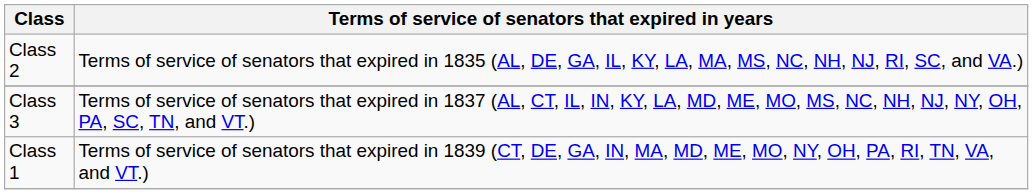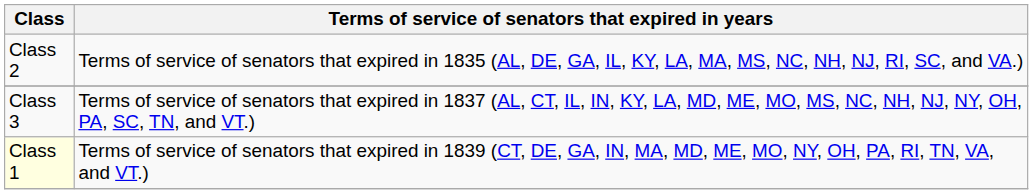 <table class="wikitable sortable">
 <tr valign=bottom>
 <th>Class</th>
 <th>Terms of service of senators that expired in years</th>
 </tr>
 <tr>
 <td>Class 2</td>
 <td>Terms of service of senators that expired in 1835 (<a href='#'>AL</a>, <a href='#'>DE</a>, <a href='#'>GA</a>, <a href='#'>IL</a>, <a href='#'>KY</a>, <a href='#'>LA</a>, <a href='#'>MA</a>, <a href='#'>MS</a>, <a href='#'>NC</a>, <a href='#'>NH</a>, <a href='#'>NJ</a>, <a href='#'>RI</a>, <a href='#'>SC</a>, and <a href='#'>VA</a>.)</td>
 </tr>
 <tr>
 </tr>
 <tr>
 <td>Class 3</td>
 <td>Terms of service of senators that expired in 1837 (<a href='#'>AL</a>, <a href='#'>CT</a>, <a href='#'>IL</a>, <a href='#'>IN</a>, <a href='#'>KY</a>, <a href='#'>LA</a>, <a href='#'>MD</a>, <a href='#'>ME</a>, <a href='#'>MO</a>, <a href='#'>MS</a>, <a href='#'>NC</a>, <a href='#'>NH</a>, <a href='#'>NJ</a>, <a href='#'>NY</a>, <a href='#'>OH</a>, <a href='#'>PA</a>, <a href='#'>SC</a>, <a href='#'>TN</a>, and <a href='#'>VT</a>.)</td>
 </tr>
 <tr>
-<td>Class 1</td>
+<td style="background: lightyellow;">Class 1</td>
 <td>Terms of service of senators that expired in 1839 (<a href='#'>CT</a>, <a href='#'>DE</a>, <a href='#'>GA</a>, <a href='#'>IN</a>, <a href='#'>MA</a>, <a href='#'>MD</a>, <a href='#'>ME</a>, <a href='#'>MO</a>, <a href='#'>NY</a>, <a href='#'>OH</a>, <a href='#'>PA</a>, <a href='#'>RI</a>, <a href='#'>TN</a>, <a href='#'>VA</a>, and <a href='#'>VT</a>.)</td>
 </tr>
 <tr>
 </tr>
 </table>
